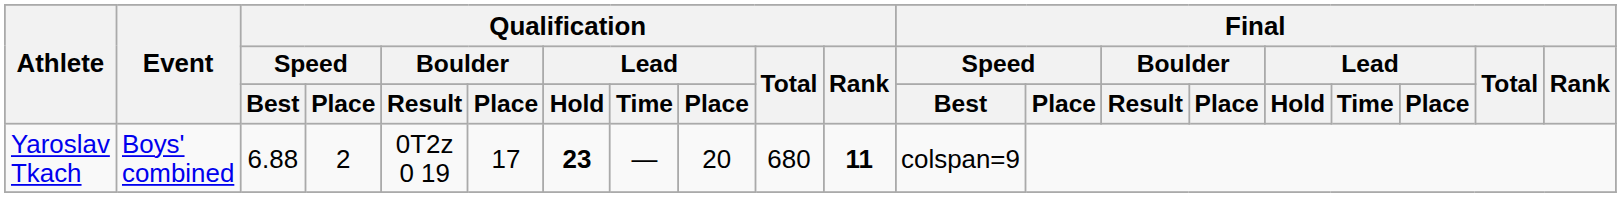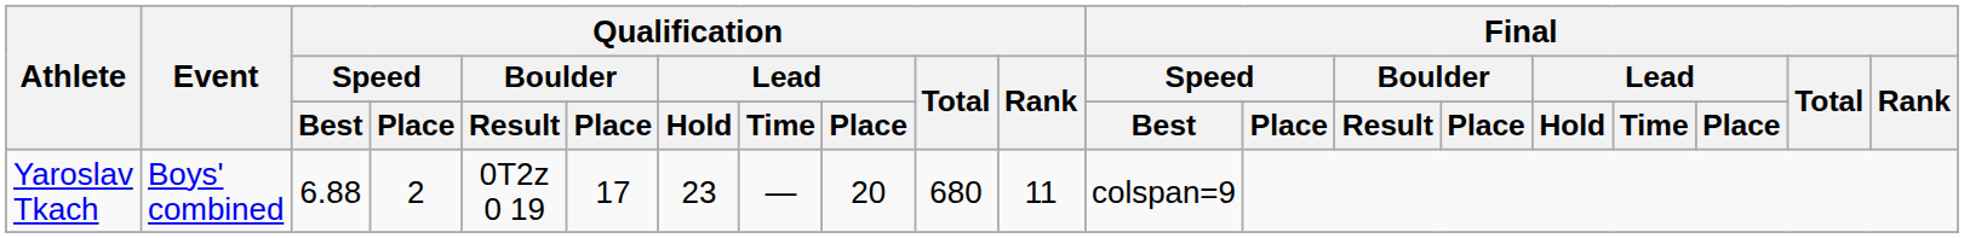 <table class="wikitable" style="font-size:90%">
 <tr>
 <th rowspan="3">Athlete</th>
 <th rowspan="3">Event</th>
 <th colspan="9">Qualification</th>
 <th colspan="9">Final</th>
 </tr>
 <tr style="font-size: 95%">
 <th colspan="2">Speed</th>
 <th colspan="2">Boulder</th>
 <th colspan="3">Lead</th>
 <th rowspan="2">Total</th>
 <th rowspan="2">Rank</th>
 <th colspan="2">Speed</th>
 <th colspan="2">Boulder</th>
 <th colspan="3">Lead</th>
 <th rowspan="2">Total</th>
 <th rowspan="2">Rank</th>
 </tr>
 <tr style="font-size: 95%">
 <th>Best</th>
 <th>Place</th>
 <th>Result</th>
 <th>Place</th>
 <th>Hold</th>
 <th>Time</th>
 <th>Place</th>
 <th>Best</th>
 <th>Place</th>
 <th>Result</th>
 <th>Place</th>
 <th>Hold</th>
 <th>Time</th>
 <th>Place</th>
 </tr>
 <tr align="center">
 <td align="left"><a href='#'>Yaroslav Tkach</a></td>
 <td align="left"><a href='#'>Boys' combined</a></td>
 <td>6.88</td>
 <td>2</td>
 <td>0T2z 0 19</td>
 <td>17</td>
-<td><strong>23</strong></td>
+<td>23</td>
 <td>—</td>
 <td>20</td>
 <td>680</td>
-<td><strong>11</strong></td>
+<td>11</td>
 <td>colspan=9 </td>
 </tr>
 </table>
